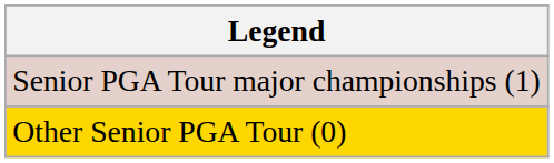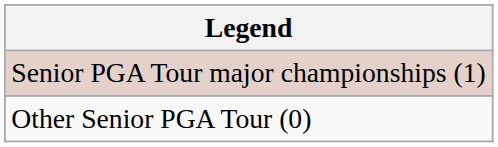 <table class="wikitable" style="font-size:95%;">
 <tr>
 <th>Legend</th>
 </tr>
 <tr style="background:#e5d1cb;">
 <td>Senior PGA Tour major championships (1)</td>
 </tr>
 <tr>
-<td style="background: gold;">Other Senior PGA Tour (0)</td>
+<td>Other Senior PGA Tour (0)</td>
 </tr>
 </table>
